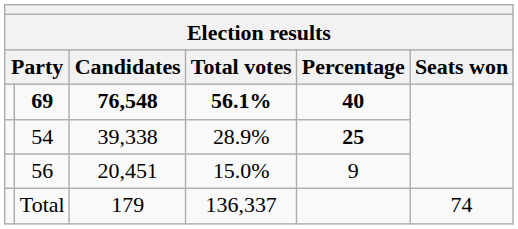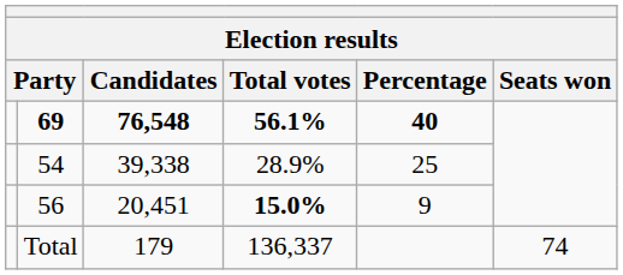 <table class=wikitable>
 <tr>
 <th colspan=6></th>
 </tr>
 <tr>
 <th colspan=6>Election results</th>
 </tr>
 <tr>
 <th colspan=2>Party</th>
 <th>Candidates</th>
 <th>Total votes</th>
 <th>Percentage</th>
 <th>Seats won</th>
 </tr>
 <tr>
 <td></td>
 <td align=center><strong>69</strong></td>
 <td align=center><strong>76,548</strong></td>
 <td align=center><strong>56.1%</strong></td>
 <td align=center><strong>40</strong></td>
 </tr>
 <tr>
 <td></td>
 <td align=center>54</td>
 <td align=center>39,338</td>
 <td align=center>28.9%</td>
-<td align=center><strong>25</strong></td>
+<td align=center>25</td>
 </tr>
 <tr>
 <td></td>
 <td align=center>56</td>
 <td align=center>20,451</td>
-<td align=center>15.0%</td>
+<td align=center><strong>15.0%</strong></td>
 <td align=center>9</td>
 </tr>
 <tr>
 <td></td>
 <td>Total</td>
 <td align=center>179</td>
 <td align=center>136,337</td>
 <td align=center></td>
 <td align=center>74</td>
 </tr>
 </table>
